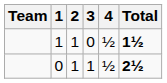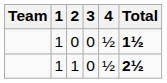 <table class=wikitable>
 <tr>
 <th>Team</th>
 <th>1</th>
 <th>2</th>
 <th>3</th>
 <th>4</th>
 <th>Total</th>
 </tr>
 <tr>
 <td></td>
 <td>1</td>
-<td>1</td>
+<td>0</td>
 <td>0</td>
 <td>½</td>
 <td><strong>1½</strong></td>
 </tr>
 <tr>
 <td></td>
-<td>0</td>
 <td>1</td>
 <td>1</td>
+<td>0</td>
 <td>½</td>
 <td><strong>2½</strong></td>
 </tr>
 </table>
